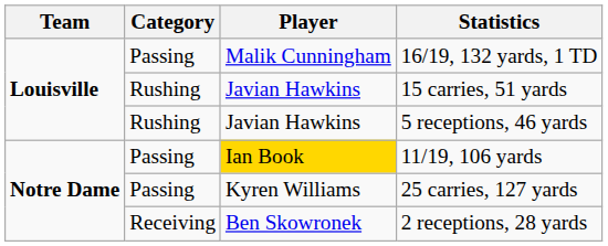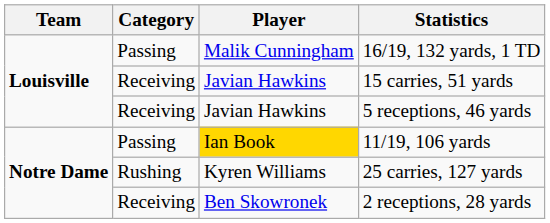 <table class="wikitable" style="float: left;">
 <tr>
 <th>Team</th>
 <th>Category</th>
 <th>Player</th>
 <th>Statistics</th>
 </tr>
 <tr>
 <td rowspan=3><strong>Louisville</strong></td>
 <td>Passing</td>
 <td><a href='#'>Malik Cunningham</a></td>
 <td>16/19, 132 yards, 1 TD</td>
 </tr>
 <tr>
-<td>Rushing</td>
+<td>Receiving</td>
 <td><a href='#'>Javian Hawkins</a></td>
 <td>15 carries, 51 yards</td>
 </tr>
 <tr>
-<td>Rushing</td>
+<td>Receiving</td>
 <td>Javian Hawkins</td>
 <td>5 receptions, 46 yards</td>
 </tr>
 <tr>
 <td rowspan=3><strong>Notre Dame</strong></td>
 <td>Passing</td>
 <td style="background: gold;">Ian Book</td>
 <td>11/19, 106 yards</td>
 </tr>
 <tr>
-<td>Passing</td>
+<td>Rushing</td>
 <td>Kyren Williams</td>
 <td>25 carries, 127 yards</td>
 </tr>
 <tr>
 <td>Receiving</td>
 <td><a href='#'>Ben Skowronek</a></td>
 <td>2 receptions, 28 yards</td>
 </tr>
 </table>
